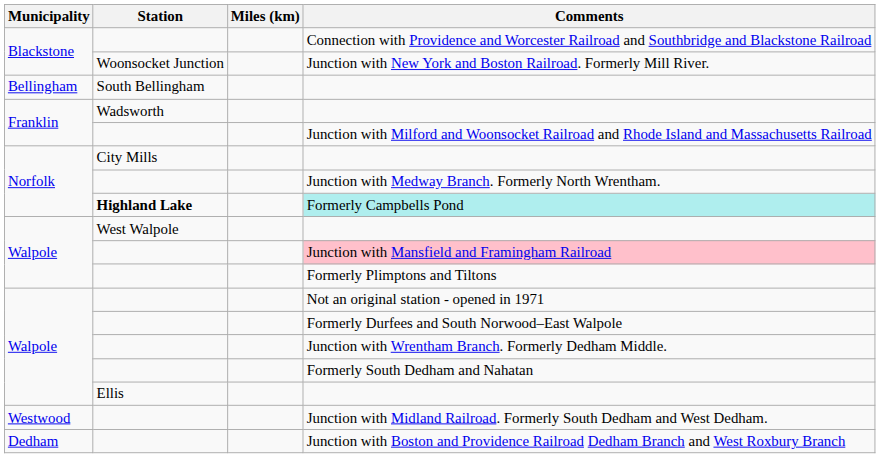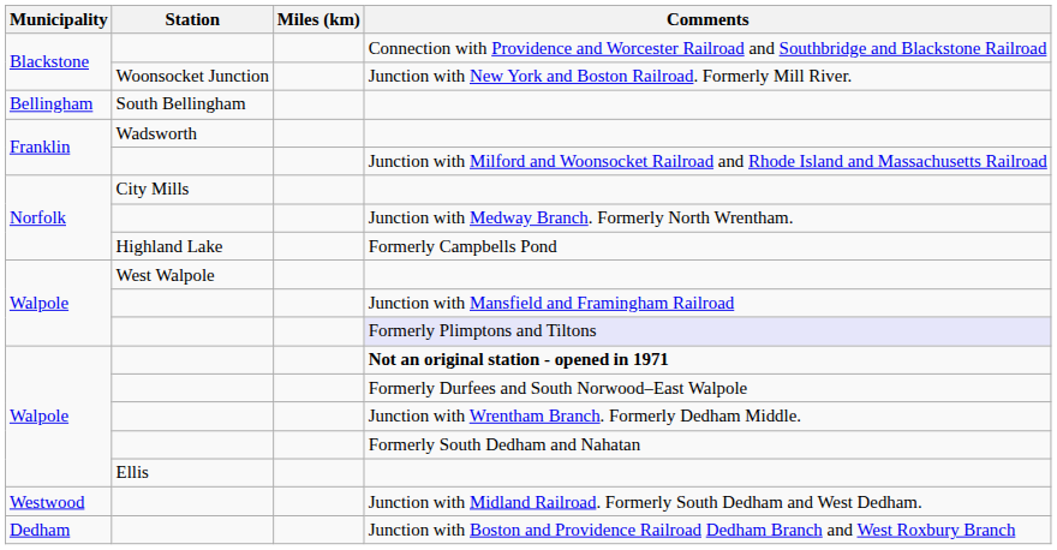 <table class="wikitable plainrowheaders">
 <tr>
 <th scope="col">Municipality</th>
 <th scope="col">Station</th>
 <th scope="col">Miles (km)</th>
 <th scope="col">Comments</th>
 </tr>
 <tr>
 <td rowspan="2"><a href='#'>Blackstone</a></td>
 <td></td>
 <td></td>
 <td>Connection with <a href='#'>Providence and Worcester Railroad</a> and <a href='#'>Southbridge and Blackstone Railroad</a></td>
 </tr>
 <tr>
 <td>Woonsocket Junction</td>
 <td></td>
 <td>Junction with <a href='#'>New York and Boston Railroad</a>. Formerly Mill River.</td>
 </tr>
 <tr>
 <td><a href='#'>Bellingham</a></td>
 <td>South Bellingham</td>
 <td></td>
 <td></td>
 </tr>
 <tr>
 <td rowspan="2"><a href='#'>Franklin</a></td>
 <td>Wadsworth</td>
 <td></td>
 <td></td>
 </tr>
 <tr>
 <td></td>
 <td></td>
 <td>Junction with <a href='#'>Milford and Woonsocket Railroad</a> and <a href='#'>Rhode Island and Massachusetts Railroad</a></td>
 </tr>
 <tr>
 <td rowspan="3"><a href='#'>Norfolk</a></td>
 <td>City Mills</td>
 <td></td>
 <td></td>
 </tr>
 <tr>
 <td></td>
 <td></td>
 <td>Junction with <a href='#'>Medway Branch</a>. Formerly North Wrentham.</td>
 </tr>
 <tr>
-<td><strong>Highland Lake</strong></td>
+<td>Highland Lake</td>
 <td></td>
-<td style="background: paleturquoise;">Formerly Campbells Pond</td>
+<td>Formerly Campbells Pond</td>
 </tr>
 <tr>
 <td rowspan="3"><a href='#'>Walpole</a></td>
 <td>West Walpole</td>
 <td></td>
 <td></td>
 </tr>
 <tr>
 <td></td>
 <td></td>
-<td style="background: pink;">Junction with <a href='#'>Mansfield and Framingham Railroad</a></td>
+<td>Junction with <a href='#'>Mansfield and Framingham Railroad</a></td>
 </tr>
 <tr>
 <td></td>
 <td></td>
-<td>Formerly Plimptons and Tiltons</td>
+<td style="background: lavender;">Formerly Plimptons and Tiltons</td>
 </tr>
 <tr>
 <td rowspan="5"><a href='#'>Walpole</a></td>
 <td></td>
 <td></td>
-<td>Not an original station - opened in 1971</td>
+<td><strong>Not an original station - opened in 1971</strong></td>
 </tr>
 <tr>
 <td></td>
 <td></td>
 <td>Formerly Durfees and South Norwood–East Walpole</td>
 </tr>
 <tr>
 <td></td>
 <td></td>
 <td>Junction with <a href='#'>Wrentham Branch</a>. Formerly Dedham Middle.</td>
 </tr>
 <tr>
 <td></td>
 <td></td>
 <td>Formerly South Dedham and Nahatan</td>
 </tr>
 <tr>
 <td>Ellis</td>
 <td></td>
 <td></td>
 </tr>
 <tr>
 <td><a href='#'>Westwood</a></td>
 <td></td>
 <td></td>
 <td>Junction with <a href='#'>Midland Railroad</a>. Formerly South Dedham and West Dedham.</td>
 </tr>
 <tr>
 <td><a href='#'>Dedham</a></td>
 <td></td>
 <td></td>
 <td>Junction with <a href='#'>Boston and Providence Railroad</a> <a href='#'>Dedham Branch</a> and <a href='#'>West Roxbury Branch</a></td>
 </tr>
 </table>
